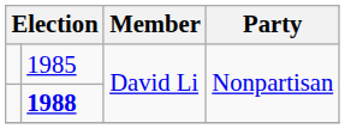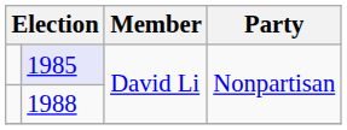 <table class="wikitable">
 <tr>
 <th colspan="2">Election</th>
 <th>Member</th>
 <th>Party</th>
 </tr>
 <tr>
 <td style="background-color:"></td>
-<td><a href='#'>1985</a></td>
+<td style="background: lavender;"><a href='#'>1985</a></td>
 <td rowspan=2><a href='#'>David Li</a></td>
 <td rowspan=2><a href='#'>Nonpartisan</a></td>
 </tr>
 <tr>
 <td style="background-color:"></td>
-<td><strong><a href='#'>1988</a></strong></td>
+<td><a href='#'>1988</a></td>
 </tr>
 <tr>
 </tr>
 </table>
